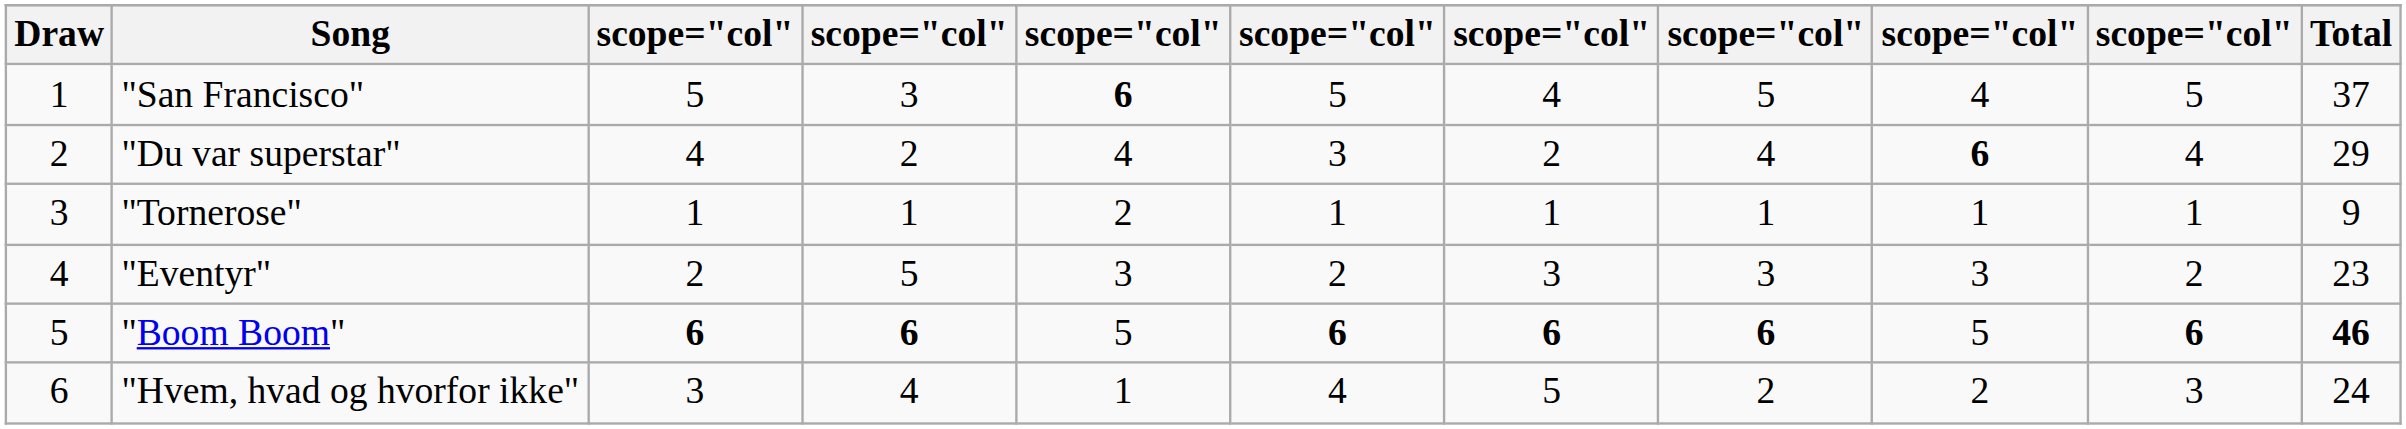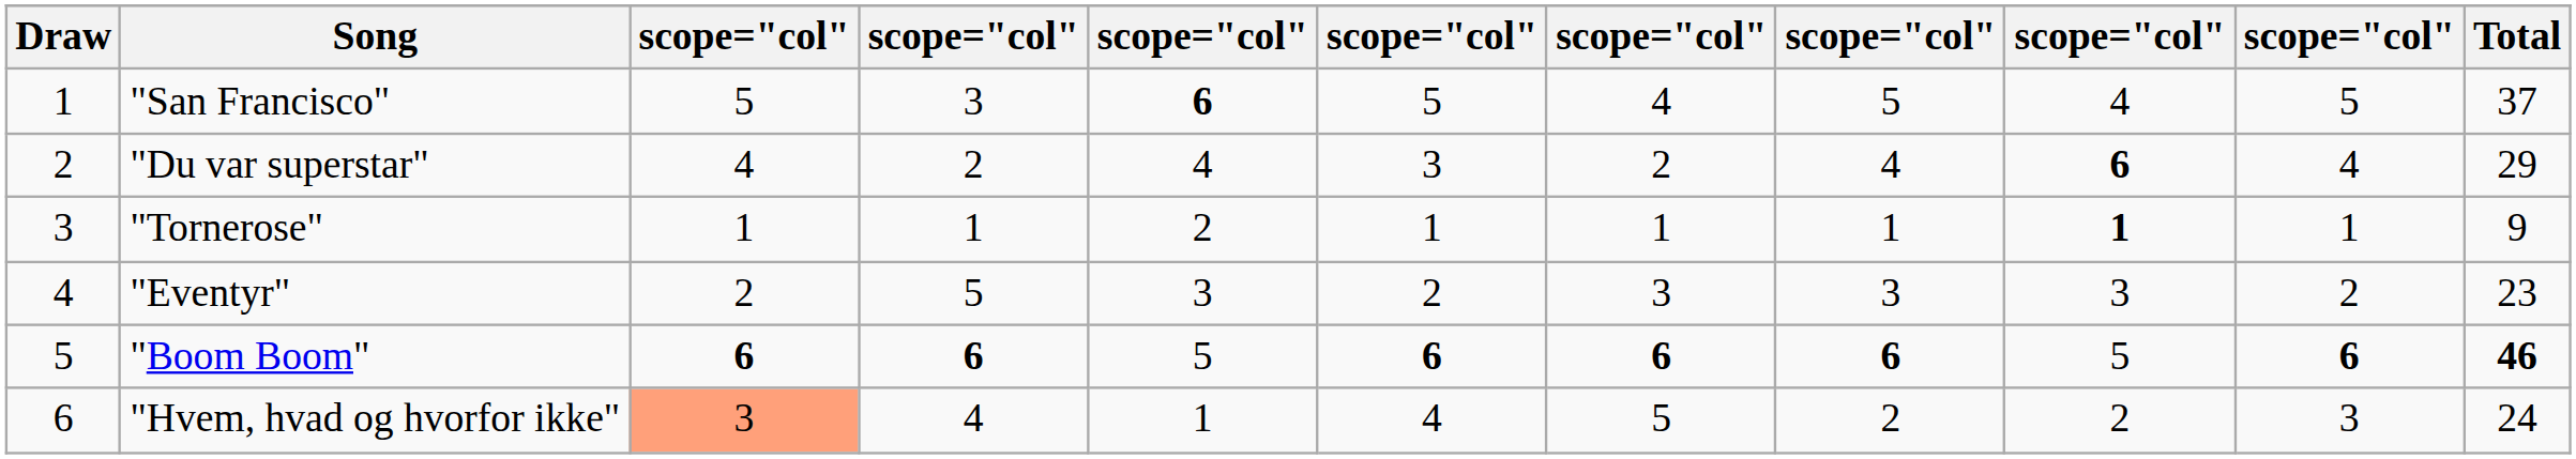 <table class="wikitable plainrowheaders" style="margin: 1em auto 1em auto; text-align:center;">
 <tr>
 </tr>
 <tr>
 <th scope="col">Draw</th>
 <th scope="col">Song</th>
 <th>scope="col" </th>
 <th>scope="col" </th>
 <th>scope="col" </th>
 <th>scope="col" </th>
 <th>scope="col" </th>
 <th>scope="col" </th>
 <th>scope="col" </th>
 <th>scope="col" </th>
 <th scope="col">Total</th>
 </tr>
 <tr>
 <td>1</td>
 <td align="left">"San Francisco"</td>
 <td>5</td>
 <td>3</td>
 <td><strong>6</strong></td>
 <td>5</td>
 <td>4</td>
 <td>5</td>
 <td>4</td>
 <td>5</td>
 <td>37</td>
 </tr>
 <tr>
 <td>2</td>
 <td align="left">"Du var superstar"</td>
 <td>4</td>
 <td>2</td>
 <td>4</td>
 <td>3</td>
 <td>2</td>
 <td>4</td>
 <td><strong>6</strong></td>
 <td>4</td>
 <td>29</td>
 </tr>
 <tr>
 <td>3</td>
 <td align="left">"Tornerose"</td>
 <td>1</td>
 <td>1</td>
 <td>2</td>
 <td>1</td>
 <td>1</td>
 <td>1</td>
-<td>1</td>
+<td><strong>1</strong></td>
 <td>1</td>
 <td>9</td>
 </tr>
 <tr>
 <td>4</td>
 <td align="left">"Eventyr"</td>
 <td>2</td>
 <td>5</td>
 <td>3</td>
 <td>2</td>
 <td>3</td>
 <td>3</td>
 <td>3</td>
 <td>2</td>
 <td>23</td>
 </tr>
 <tr>
 <td>5</td>
 <td align="left">"<a href='#'>Boom Boom</a>"</td>
 <td><strong>6</strong></td>
 <td><strong>6</strong></td>
 <td>5</td>
 <td><strong>6</strong></td>
 <td><strong>6</strong></td>
 <td><strong>6</strong></td>
 <td>5</td>
 <td><strong>6</strong></td>
 <td><strong>46</strong></td>
 </tr>
 <tr>
 <td>6</td>
 <td align="left">"Hvem, hvad og hvorfor ikke"</td>
-<td>3</td>
+<td style="background: lightsalmon;">3</td>
 <td>4</td>
 <td>1</td>
 <td>4</td>
 <td>5</td>
 <td>2</td>
 <td>2</td>
 <td>3</td>
 <td>24</td>
 </tr>
 </table>
